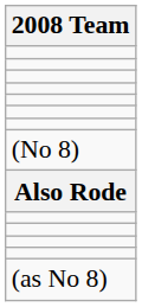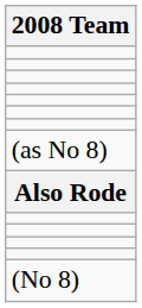 <table class="wikitable collapsible collapsed">
 <tr>
 <th>2008 Team</th>
 </tr>
 <tr>
 <td></td>
 </tr>
 <tr>
 <td></td>
 </tr>
 <tr>
 <td></td>
 </tr>
 <tr>
 <td></td>
 </tr>
 <tr>
 <td></td>
 </tr>
 <tr>
 <td></td>
 </tr>
 <tr>
 <td></td>
 </tr>
 <tr>
-<td> (No 8)</td>
+<td> (as No 8)</td>
 </tr>
 <tr>
 <th>Also Rode</th>
 </tr>
 <tr>
 <td></td>
 </tr>
 <tr>
 <td></td>
 </tr>
 <tr>
 <td></td>
 </tr>
 <tr>
 <td></td>
 </tr>
 <tr>
-<td> (as No 8)</td>
+<td> (No 8)</td>
 </tr>
 </table>
